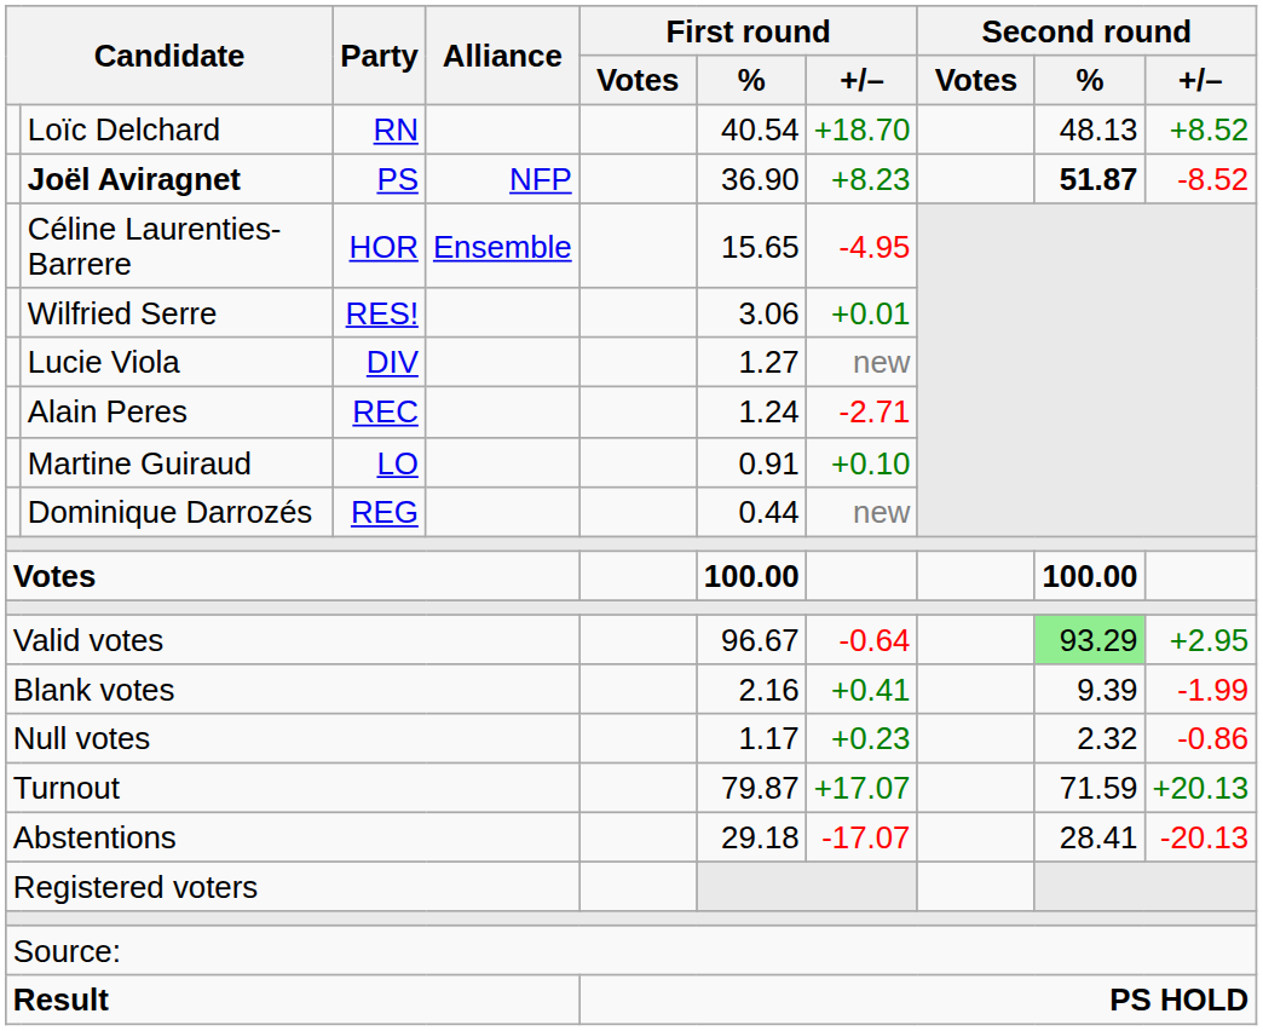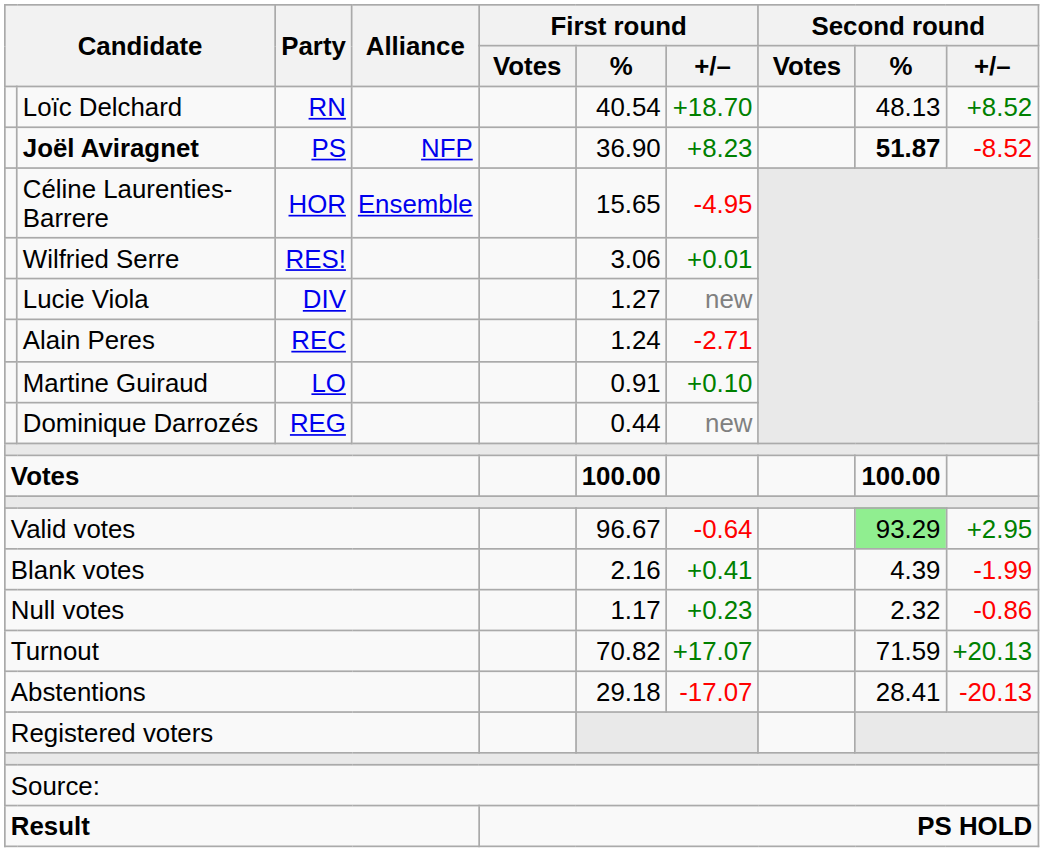 <table class="wikitable" style="text-align:right;font-size:95%;">
 <tr>
 <th rowspan="2" colspan="2">Candidate</th>
 <th colspan="1" rowspan="2">Party</th>
 <th colspan="1" rowspan="2">Alliance</th>
 <th colspan="3">First round</th>
 <th colspan="3">Second round</th>
 </tr>
 <tr>
 <th style="width:50px;">Votes</th>
 <th style="width:45px;">%</th>
 <th style="width:45px;">+/–</th>
 <th style="width:50px;">Votes</th>
 <th style="width:45px;">%</th>
 <th style="width:45px;">+/–</th>
 </tr>
 <tr>
 <td style="color:inherit;background:"></td>
 <td style="text-align:left;">Loïc Delchard</td>
 <td><a href='#'>RN</a></td>
 <td></td>
 <td></td>
 <td>40.54</td>
 <td style="color:green;">+18.70</td>
 <td></td>
 <td>48.13</td>
 <td style="color:green;">+8.52</td>
 </tr>
 <tr>
 <td style="color:inherit;background:"></td>
 <td style="text-align:left;"><strong>Joël Aviragnet</strong></td>
 <td><a href='#'>PS</a></td>
 <td><a href='#'>NFP</a></td>
 <td></td>
 <td>36.90</td>
 <td style="color:green;">+8.23</td>
 <td><strong></strong></td>
 <td><strong>51.87</strong></td>
 <td style="color:red;">-8.52</td>
 </tr>
 <tr>
 <td style="color:inherit;background:"></td>
 <td style="text-align:left;">Céline Laurenties-Barrere</td>
 <td><a href='#'>HOR</a></td>
 <td><a href='#'>Ensemble</a></td>
 <td></td>
 <td>15.65</td>
 <td style="color:red;">-4.95</td>
 <td colspan="3" rowspan="6" style="background:#E9E9E9;"></td>
 </tr>
 <tr>
 <td style="color:inherit;background:"></td>
 <td style="text-align:left;">Wilfried Serre</td>
 <td><a href='#'>RES!</a></td>
 <td></td>
 <td></td>
 <td>3.06</td>
 <td style="color:green;">+0.01</td>
 </tr>
 <tr>
 <td style="color:inherit;background:"></td>
 <td style="text-align:left;">Lucie Viola</td>
 <td><a href='#'>DIV</a></td>
 <td></td>
 <td></td>
 <td>1.27</td>
 <td style="color:grey;">new</td>
 </tr>
 <tr>
 <td style="color:inherit;background:"></td>
 <td style="text-align:left;">Alain Peres</td>
 <td><a href='#'>REC</a></td>
 <td></td>
 <td></td>
 <td>1.24</td>
 <td style="color:red;">-2.71</td>
 </tr>
 <tr>
 <td style="color:inherit;background:"></td>
 <td style="text-align:left;">Martine Guiraud</td>
 <td><a href='#'>LO</a></td>
 <td></td>
 <td></td>
 <td>0.91</td>
 <td style="color:green;">+0.10</td>
 </tr>
 <tr>
 <td style="color:inherit;background:"></td>
 <td style="text-align:left;">Dominique Darrozés</td>
 <td><a href='#'>REG</a></td>
 <td></td>
 <td></td>
 <td>0.44</td>
 <td style="color:grey;">new</td>
 </tr>
 <tr>
 <td colspan="10" style="background:#E9E9E9;"></td>
 </tr>
 <tr style="font-weight:bold;">
 <td colspan="4" style="text-align:left;">Votes</td>
 <td></td>
 <td>100.00</td>
 <td></td>
 <td></td>
 <td>100.00</td>
 <td></td>
 </tr>
 <tr>
 <td colspan="10" style="background:#E9E9E9;"></td>
 </tr>
 <tr>
 <td colspan="4" style="text-align:left;">Valid votes</td>
 <td></td>
 <td>96.67</td>
 <td style="color:red;">-0.64</td>
 <td></td>
 <td style="background: lightgreen;">93.29</td>
 <td style="color:green;">+2.95</td>
 </tr>
 <tr>
 <td colspan="4" style="text-align:left;">Blank votes</td>
 <td></td>
 <td>2.16</td>
 <td style="color:green;">+0.41</td>
 <td></td>
-<td>9.39</td>
+<td>4.39</td>
 <td style="color:red;">-1.99</td>
 </tr>
 <tr>
 <td colspan="4" style="text-align:left;">Null votes</td>
 <td></td>
 <td>1.17</td>
 <td style="color:green;">+0.23</td>
 <td></td>
 <td>2.32</td>
 <td style="color:red;">-0.86</td>
 </tr>
 <tr>
 <td colspan="4" style="text-align:left;">Turnout</td>
 <td></td>
-<td>79.87</td>
+<td>70.82</td>
 <td style="color:green;">+17.07</td>
 <td></td>
 <td>71.59</td>
 <td style="color:green;">+20.13</td>
 </tr>
 <tr>
 <td colspan="4" style="text-align:left;">Abstentions</td>
 <td></td>
 <td>29.18</td>
 <td style="color:red;">-17.07</td>
 <td></td>
 <td>28.41</td>
 <td style="color:red;">-20.13</td>
 </tr>
 <tr>
 <td colspan="4" style="text-align:left;">Registered voters</td>
 <td></td>
 <td colspan="2" style="background:#E9E9E9;"></td>
 <td></td>
 <td colspan="2" style="background:#E9E9E9;"></td>
 </tr>
 <tr>
 <td colspan="10" style="background:#E9E9E9;"></td>
 </tr>
 <tr>
 <td colspan="10" style="text-align:left;">Source: </td>
 </tr>
 <tr style="font-weight:bold">
 <td colspan="4" style="text-align:left;">Result</td>
 <td colspan="6" style="background-color:">PS HOLD</td>
 </tr>
 </table>
